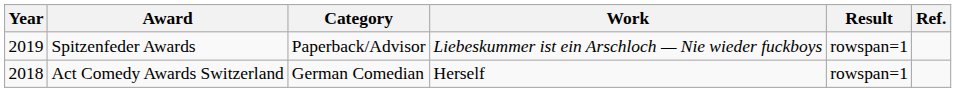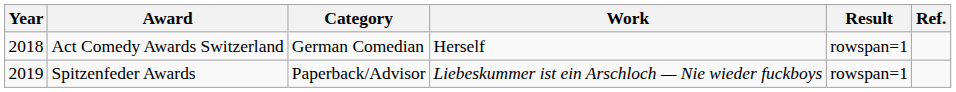 <table class="wikitable">
 <tr>
 <th>Year</th>
 <th>Award</th>
 <th>Category</th>
 <th>Work</th>
 <th>Result</th>
 <th>Ref.</th>
 </tr>
 <tr>
+<td rowspan="1">2018</td>
+<td>Act Comedy Awards Switzerland</td>
+<td>German Comedian</td>
+<td rowspan="1">Herself</td>
+<td>rowspan=1 </td>
+<td></td>
+</tr>
+<tr>
 <td rowspan="1">2019</td>
 <td>Spitzenfeder Awards</td>
 <td>Paperback/Advisor</td>
 <td rowspan="1"><em>Liebeskummer ist ein Arschloch — Nie wieder fuckboys</em></td>
 <td>rowspan=1 </td>
 <td></td>
 </tr>
-<tr>
-<td rowspan="1">2018</td>
-<td>Act Comedy Awards Switzerland</td>
-<td>German Comedian</td>
-<td rowspan="1">Herself</td>
-<td>rowspan=1 </td>
-<td></td>
-</tr>
 </table>
